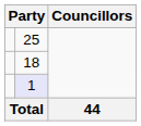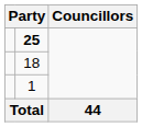 <table class="wikitable">
 <tr>
 <th colspan=2>Party</th>
 <th>Councillors</th>
 </tr>
 <tr>
 <td></td>
-<td align=center>25</td>
+<td align=center><strong>25</strong></td>
 </tr>
 <tr>
 <td></td>
 <td align=center>18</td>
 </tr>
 <tr>
 <td></td>
-<td align=center style="background: lavender;">1</td>
+<td align=center>1</td>
 </tr>
 <tr>
 <th colspan=2>Total</th>
 <th align=center>44</th>
 </tr>
 </table>
